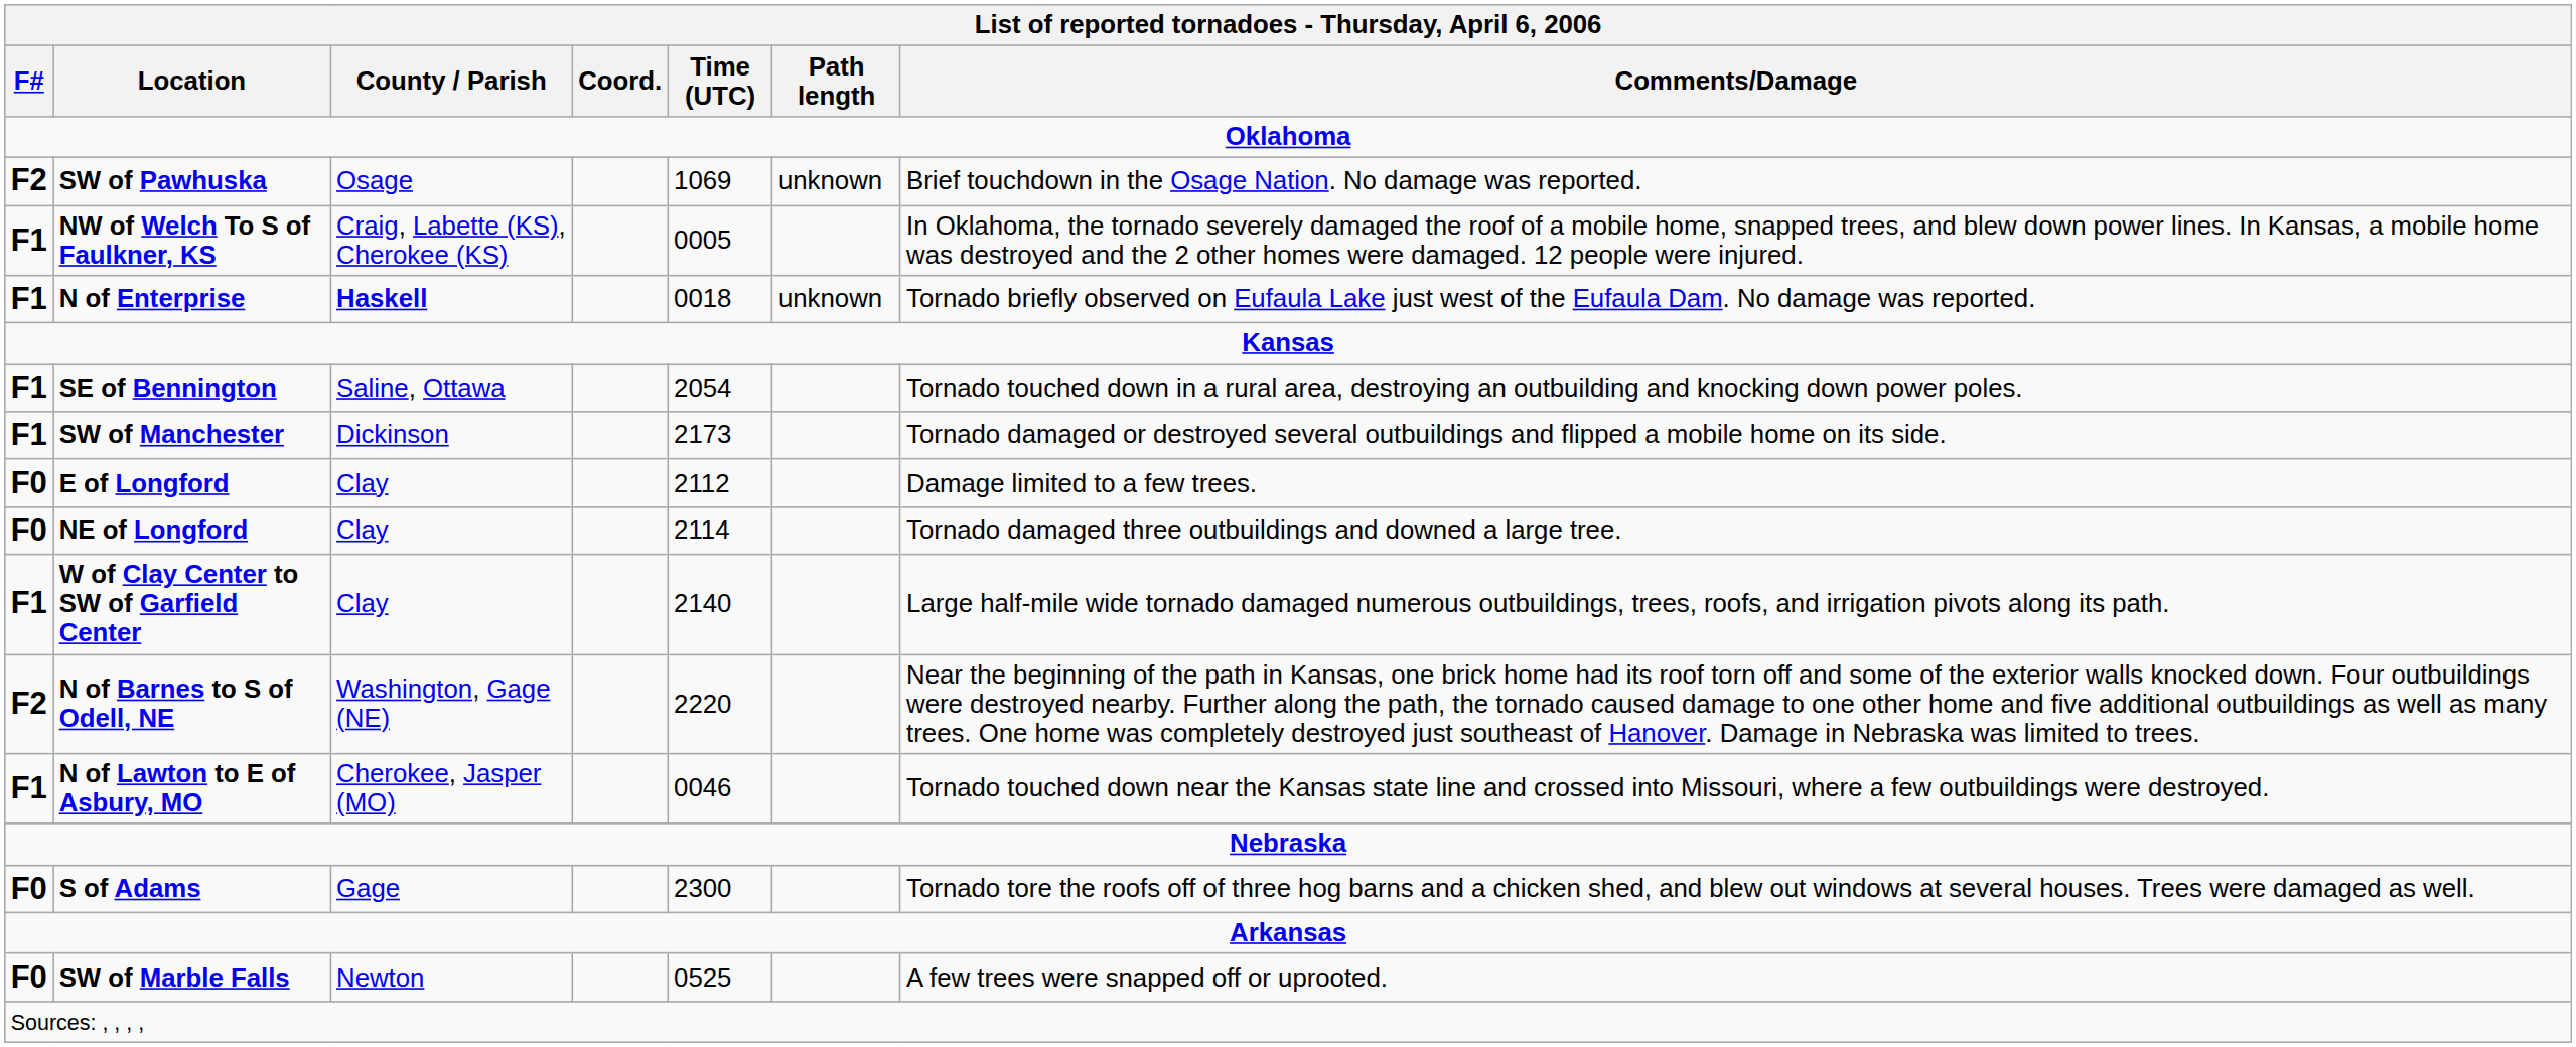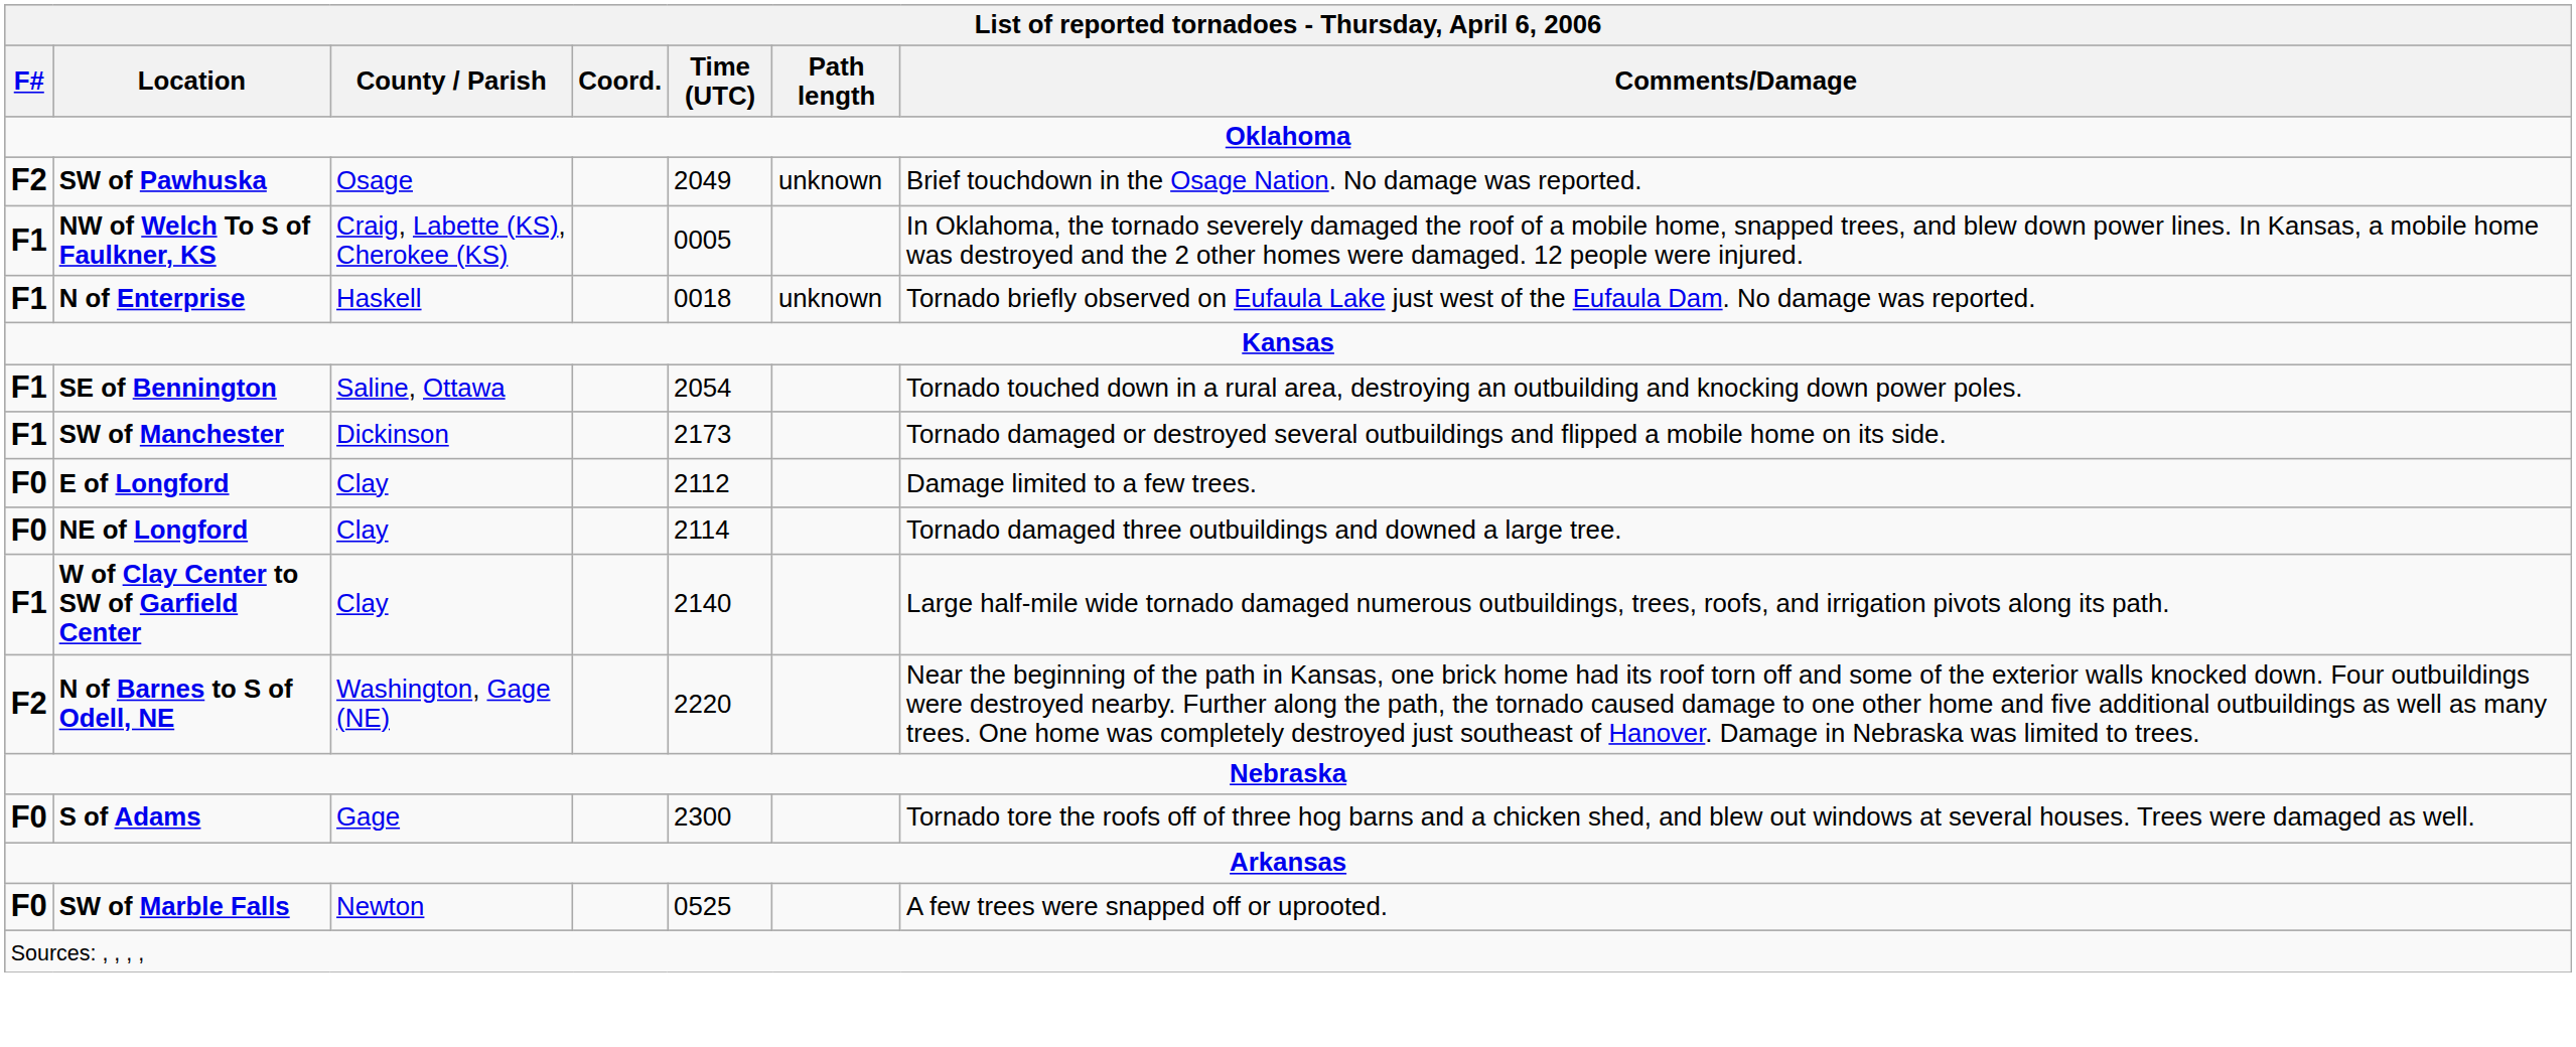 <table class="wikitable collapsible" style="width:100%;">
 <tr>
 <th colspan="7">List of reported tornadoes - Thursday, April 6, 2006</th>
 </tr>
 <tr>
 <th><a href='#'>F#</a></th>
 <th>Location</th>
 <th>County / Parish</th>
 <th>Coord.</th>
 <th>Time (UTC)</th>
 <th>Path length</th>
 <th>Comments/Damage</th>
 </tr>
 <tr>
 <td colspan="7" align=center><strong><a href='#'>Oklahoma</a></strong></td>
 </tr>
 <tr>
 <td><big><strong>F2</strong></big></td>
 <td><strong>SW of <a href='#'>Pawhuska</a></strong></td>
 <td><a href='#'>Osage</a></td>
 <td></td>
-<td>1069</td>
+<td>2049</td>
 <td>unknown</td>
 <td>Brief touchdown in the <a href='#'>Osage Nation</a>. No damage was reported.</td>
 </tr>
 <tr>
 <td><big><strong>F1</strong></big></td>
 <td><strong>NW of <a href='#'>Welch</a> To S of <a href='#'>Faulkner, KS</a></strong></td>
 <td><a href='#'>Craig</a>, <a href='#'>Labette (KS)</a>, <a href='#'>Cherokee (KS)</a></td>
 <td></td>
 <td>0005</td>
 <td></td>
 <td>In Oklahoma, the tornado severely damaged the roof of a mobile home, snapped trees, and blew down power lines. In Kansas, a mobile home was destroyed and the 2 other homes were damaged. 12 people were injured.</td>
 </tr>
 <tr>
 <td><big><strong>F1</strong></big></td>
 <td><strong>N of <a href='#'>Enterprise</a></strong></td>
-<td><strong><a href='#'>Haskell</a></strong></td>
+<td><a href='#'>Haskell</a></td>
 <td></td>
 <td>0018</td>
 <td>unknown</td>
 <td>Tornado briefly observed on <a href='#'>Eufaula Lake</a> just west of the <a href='#'>Eufaula Dam</a>. No damage was reported.</td>
 </tr>
 <tr>
 <td colspan="7" align=center><strong><a href='#'>Kansas</a></strong></td>
 </tr>
 <tr>
 <td><big><strong>F1</strong></big></td>
 <td><strong>SE of <a href='#'>Bennington</a></strong></td>
 <td><a href='#'>Saline</a>, <a href='#'>Ottawa</a></td>
 <td></td>
 <td>2054</td>
 <td></td>
 <td>Tornado touched down in a rural area, destroying an outbuilding and knocking down power poles.</td>
 </tr>
 <tr>
 <td><big><strong>F1</strong></big></td>
 <td><strong>SW of <a href='#'>Manchester</a></strong></td>
 <td><a href='#'>Dickinson</a></td>
 <td></td>
 <td>2173</td>
 <td></td>
 <td>Tornado damaged or destroyed several outbuildings and flipped a mobile home on its side.</td>
 </tr>
 <tr>
 <td><big><strong>F0</strong></big></td>
 <td><strong>E of <a href='#'>Longford</a></strong></td>
 <td><a href='#'>Clay</a></td>
 <td></td>
 <td>2112</td>
 <td></td>
 <td>Damage limited to a few trees.</td>
 </tr>
 <tr>
 <td><big><strong>F0</strong></big></td>
 <td><strong>NE of <a href='#'>Longford</a></strong></td>
 <td><a href='#'>Clay</a></td>
 <td></td>
 <td>2114</td>
 <td></td>
 <td>Tornado damaged three outbuildings and downed a large tree.</td>
 </tr>
 <tr>
 <td><big><strong>F1</strong></big></td>
 <td><strong>W of <a href='#'>Clay Center</a> to SW of <a href='#'>Garfield Center</a></strong></td>
 <td><a href='#'>Clay</a></td>
 <td></td>
 <td>2140</td>
 <td></td>
 <td>Large half-mile wide tornado damaged numerous outbuildings, trees, roofs, and irrigation pivots along its path.</td>
 </tr>
 <tr>
 <td><big><strong>F2</strong></big></td>
 <td><strong>N of <a href='#'>Barnes</a> to S of <a href='#'>Odell, NE</a></strong></td>
 <td><a href='#'>Washington</a>, <a href='#'>Gage (NE)</a></td>
 <td></td>
 <td>2220</td>
 <td></td>
 <td>Near the beginning of the path in Kansas, one brick home had its roof torn off and some of the exterior walls knocked down. Four outbuildings were destroyed nearby. Further along the path, the tornado caused damage to one other home and five additional outbuildings as well as many trees. One home was completely destroyed just southeast of <a href='#'>Hanover</a>. Damage in Nebraska was limited to trees.</td>
 </tr>
 <tr>
-<td><big><strong>F1</strong></big></td>
-<td><strong>N of <a href='#'>Lawton</a> to E of <a href='#'>Asbury, MO</a></strong></td>
-<td><a href='#'>Cherokee</a>, <a href='#'>Jasper (MO)</a></td>
-<td></td>
-<td>0046</td>
-<td></td>
-<td>Tornado touched down near the Kansas state line and crossed into Missouri, where a few outbuildings were destroyed.</td>
-</tr>
-<tr>
 <td colspan="7" align=center><strong><a href='#'>Nebraska</a></strong></td>
 </tr>
 <tr>
 <td><big><strong>F0</strong></big></td>
 <td><strong>S of <a href='#'>Adams</a></strong></td>
 <td><a href='#'>Gage</a></td>
 <td></td>
 <td>2300</td>
 <td></td>
 <td>Tornado tore the roofs off of three hog barns and a chicken shed, and blew out windows at several houses. Trees were damaged as well.</td>
 </tr>
 <tr>
 <td colspan="7" align=center><strong><a href='#'>Arkansas</a></strong></td>
 </tr>
 <tr>
 <td><big><strong>F0</strong></big></td>
 <td><strong>SW of <a href='#'>Marble Falls</a></strong></td>
 <td><a href='#'>Newton</a></td>
 <td></td>
 <td>0525</td>
 <td></td>
 <td>A few trees were snapped off or uprooted.</td>
 </tr>
 <tr>
 <td colspan="7"><small>Sources: ,    , , , </small></td>
 </tr>
 </table>
